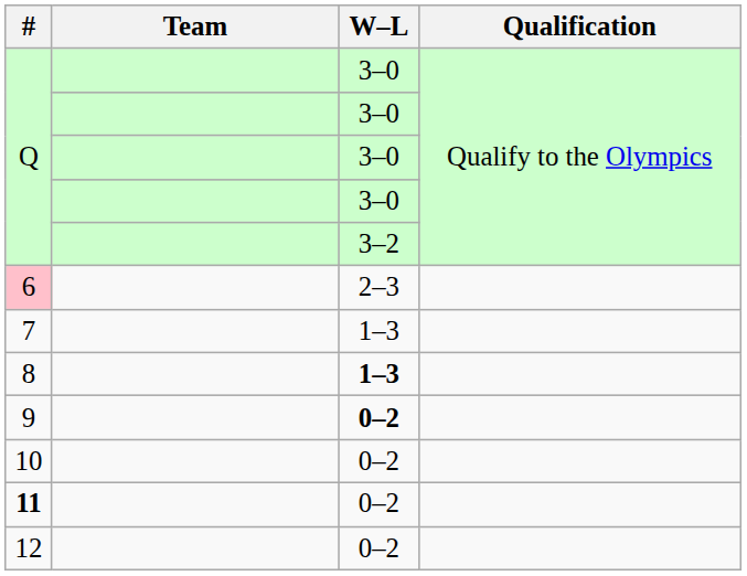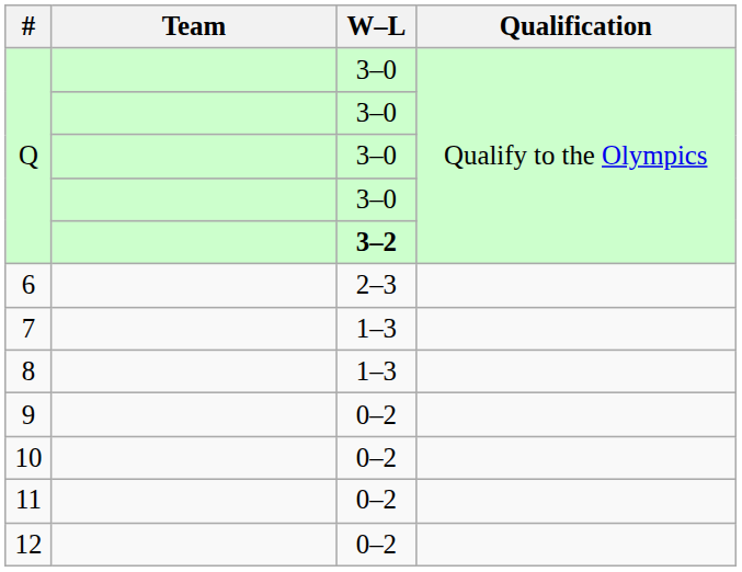 <table class=wikitable style="text-align:center;">
 <tr>
 <th width=20px>#</th>
 <th width=160px>Team</th>
 <th width=40px>W–L</th>
 <th width=180px>Qualification</th>
 </tr>
 <tr bgcolor=ccffcc>
 <td rowspan=5>Q</td>
 <td align=left></td>
 <td>3–0</td>
 <td rowspan=5>Qualify to the <a href='#'>Olympics</a></td>
 </tr>
 <tr bgcolor=ccffcc>
 <td align=left></td>
 <td>3–0</td>
 </tr>
 <tr bgcolor=ccffcc>
 <td align=left></td>
 <td>3–0</td>
 </tr>
 <tr bgcolor=ccffcc>
 <td align=left></td>
 <td>3–0</td>
 </tr>
 <tr bgcolor=ccffcc>
 <td align=left></td>
-<td>3–2</td>
+<td><strong>3–2</strong></td>
 </tr>
 <tr>
-<td style="background: pink;">6</td>
+<td>6</td>
 <td align=left></td>
 <td>2–3</td>
 <td></td>
 </tr>
 <tr>
 <td>7</td>
 <td align=left></td>
 <td>1–3</td>
 <td></td>
 </tr>
 <tr>
 <td>8</td>
 <td align=left></td>
-<td><strong>1–3</strong></td>
+<td>1–3</td>
 <td></td>
 </tr>
 <tr>
 <td>9</td>
 <td align=left></td>
-<td><strong>0–2</strong></td>
+<td>0–2</td>
 <td></td>
 </tr>
 <tr>
 <td>10</td>
 <td align=left></td>
 <td>0–2</td>
 <td></td>
 </tr>
 <tr>
-<td><strong>11</strong></td>
+<td>11</td>
 <td align=left></td>
 <td>0–2</td>
 <td></td>
 </tr>
 <tr>
 <td>12</td>
 <td align=left></td>
 <td>0–2</td>
 <td></td>
 </tr>
 </table>
